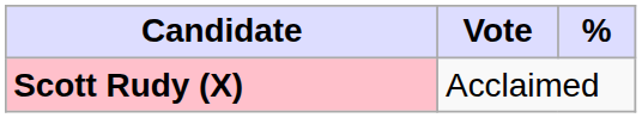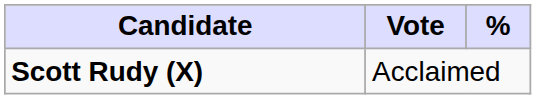 <table class="wikitable">
 <tr>
 <th style="background:#ddf; width:200px;">Candidate</th>
 <th style="background:#ddf; width:50px;">Vote</th>
 <th style="background:#ddf; width:30px;">%</th>
 </tr>
 <tr>
-<td style="background: pink;"><strong>Scott Rudy (X)</strong></td>
+<td><strong>Scott Rudy (X)</strong></td>
 <td colspan="2">Acclaimed</td>
 </tr>
 </table>
